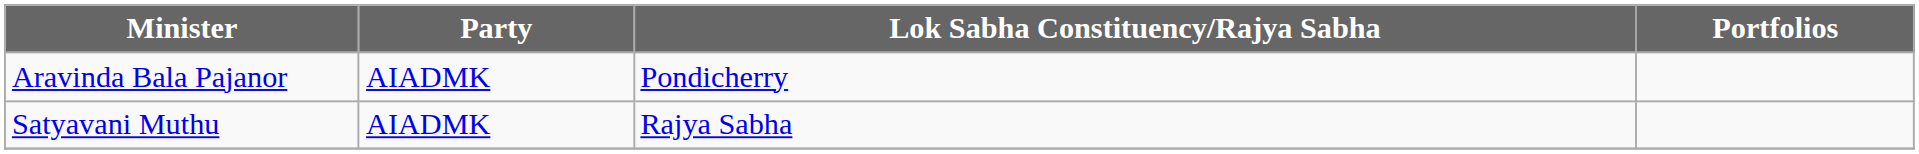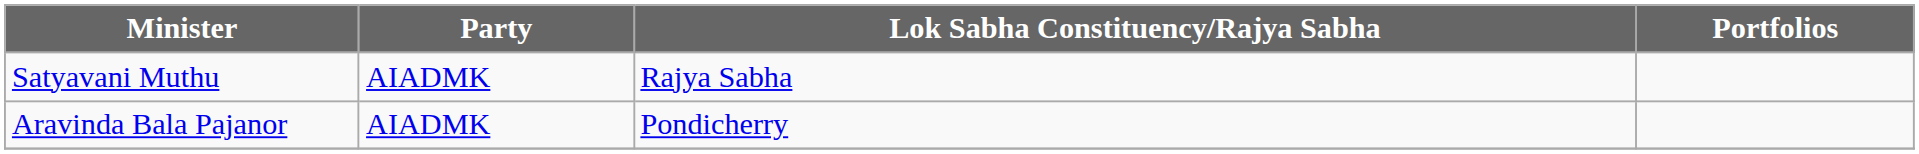 <table class="wikitable" width="80%" style="font-size: x-big; font-family: verdana">
 <tr>
 <th style="background-color:#666666; color:white; width:180px">Minister</th>
 <th style="background-color:#666666; color:white">Party</th>
 <th style="background-color:#666666; color:white">Lok Sabha Constituency/Rajya Sabha</th>
 <th style="background-color:#666666; color:white">Portfolios</th>
 </tr>
 <tr -->
+<td><a href='#'>Satyavani Muthu</a></td>
+<td><a href='#'>AIADMK</a></td>
+<td><a href='#'>Rajya Sabha</a></td>
+<td></td>
+</tr>
+<tr -->
 <td><a href='#'>Aravinda Bala Pajanor</a></td>
 <td><a href='#'>AIADMK</a></td>
 <td><a href='#'>Pondicherry</a></td>
 <td></td>
 </tr>
 <tr -->
-<td><a href='#'>Satyavani Muthu</a></td>
-<td><a href='#'>AIADMK</a></td>
-<td><a href='#'>Rajya Sabha</a></td>
-<td></td>
-</tr>
-<tr -->
 </tr>
 </table>
